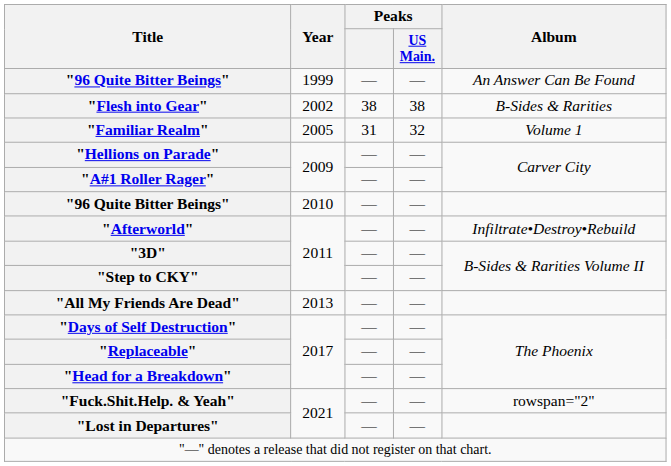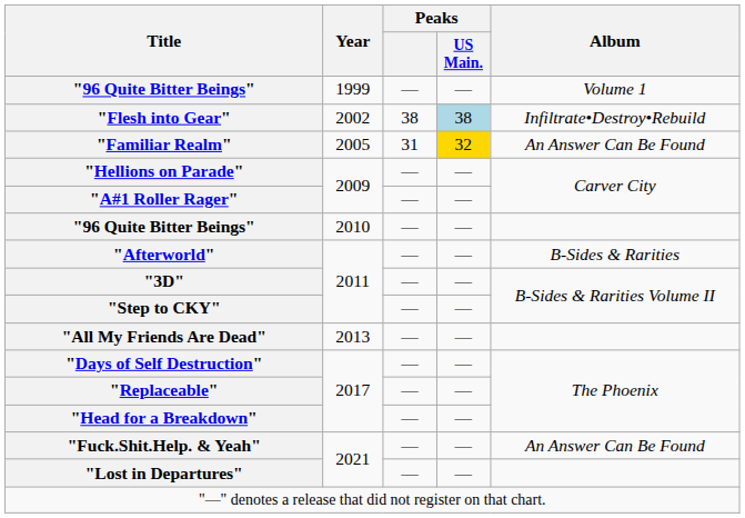 <table class="wikitable plainrowheaders" style="text-align:center">
 <tr>
 <th scope="col" rowspan="2" style="width:18em">Title</th>
 <th scope="col" rowspan="2" style="width:3em">Year</th>
 <th scope="col" colspan="2">Peaks</th>
 <th scope="col" rowspan="2" style="width:14em">Album</th>
 </tr>
 <tr>
 <th scope="col" style="width:3em;font-size:90%;"><br></th>
 <th scope="col" style="width:3em;font-size:90%;"><a href='#'>US<br>Main.</a><br></th>
 </tr>
 <tr>
 <th scope="row">"<a href='#'>96 Quite Bitter Beings</a>"</th>
 <td>1999</td>
 <td>—</td>
 <td>—</td>
-<td><em>An Answer Can Be Found</em></td>
+<td><em>Volume 1</em></td>
 </tr>
 <tr>
 <th scope="row">"<a href='#'>Flesh into Gear</a>"</th>
 <td>2002</td>
 <td>38</td>
-<td>38</td>
-<td><em>B-Sides & Rarities</em></td>
+<td style="background: lightblue;">38</td>
+<td><em>Infiltrate•Destroy•Rebuild</em></td>
 </tr>
 <tr>
 <th scope="row">"<a href='#'>Familiar Realm</a>"</th>
 <td>2005</td>
 <td>31</td>
-<td>32</td>
-<td><em>Volume 1</em></td>
+<td style="background: gold;">32</td>
+<td><em>An Answer Can Be Found</em></td>
 </tr>
 <tr>
 <th scope="row">"<a href='#'>Hellions on Parade</a>"</th>
 <td rowspan="2">2009</td>
 <td>—</td>
 <td>—</td>
 <td rowspan="2"><em>Carver City</em></td>
 </tr>
 <tr>
 <th scope="row">"<a href='#'>A#1 Roller Rager</a>"</th>
 <td>—</td>
 <td>—</td>
 </tr>
 <tr>
 <th scope="row">"96 Quite Bitter Beings" </th>
 <td>2010</td>
 <td>—</td>
 <td>—</td>
 <td></td>
 </tr>
 <tr>
 <th scope="row">"<a href='#'>Afterworld</a>"</th>
 <td rowspan="3">2011</td>
 <td>—</td>
 <td>—</td>
-<td><em>Infiltrate•Destroy•Rebuild</em></td>
+<td><em>B-Sides & Rarities</em></td>
 </tr>
 <tr>
 <th scope="row">"3D" </th>
 <td>—</td>
 <td>—</td>
 <td rowspan="2"><em>B-Sides & Rarities Volume II</em></td>
 </tr>
 <tr>
 <th scope="row">"Step to CKY" </th>
 <td>—</td>
 <td>—</td>
 </tr>
 <tr>
 <th scope="row">"All My Friends Are Dead"<br></th>
 <td>2013</td>
 <td>—</td>
 <td>—</td>
 <td></td>
 </tr>
 <tr>
 <th scope="row">"<a href='#'>Days of Self Destruction</a>"</th>
 <td rowspan="3">2017</td>
 <td>—</td>
 <td>—</td>
 <td rowspan="3"><em>The Phoenix</em></td>
 </tr>
 <tr>
 <th scope="row">"<a href='#'>Replaceable</a>"</th>
 <td>—</td>
 <td>—</td>
 </tr>
 <tr>
 <th scope="row">"<a href='#'>Head for a Breakdown</a>"</th>
 <td>—</td>
 <td>—</td>
 </tr>
 <tr>
 <th scope="row">"Fuck.Shit.Help. & Yeah"<br></th>
 <td rowspan="2">2021</td>
 <td>—</td>
 <td>—</td>
-<td>rowspan="2" </td>
+<td><em>An Answer Can Be Found</em></td>
 </tr>
 <tr>
 <th scope="row">"Lost in Departures"<br></th>
 <td>—</td>
 <td>—</td>
 </tr>
 <tr>
 <td colspan="5" style="font-size:90%">"—" denotes a release that did not register on that chart.</td>
 </tr>
 </table>
